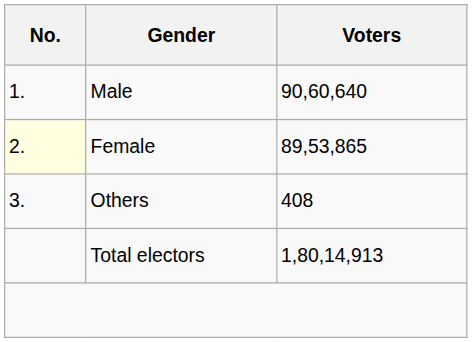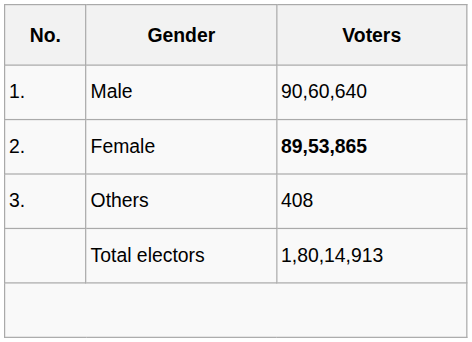 <table class="wikitable">
 <tr style="height: 50px;">
 <th scope="col" style="width:60px;">No.</th>
 <th scope="col" style="width:150px;">Gender</th>
 <th scope="col" style="width:150px;">Voters</th>
 </tr>
 <tr style="height: 45px;">
 <td>1.</td>
 <td>Male</td>
 <td>90,60,640</td>
 </tr>
 <tr style="height: 45px;">
-<td style="background: lightyellow;">2.</td>
+<td>2.</td>
 <td>Female</td>
-<td>89,53,865</td>
+<td><strong>89,53,865</strong></td>
 </tr>
 <tr style="height: 45px;">
 <td>3.</td>
 <td>Others</td>
 <td>408</td>
 </tr>
 <tr style="height: 45px;">
 <td></td>
 <td>Total electors</td>
 <td>1,80,14,913</td>
 </tr>
 <tr style="height: 45px;">
 </tr>
 </table>
